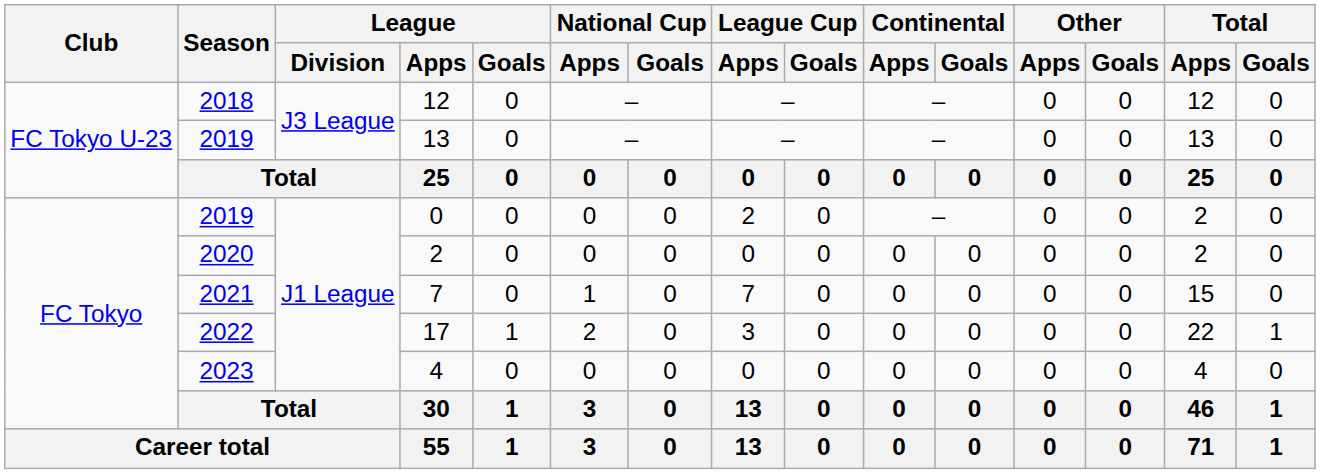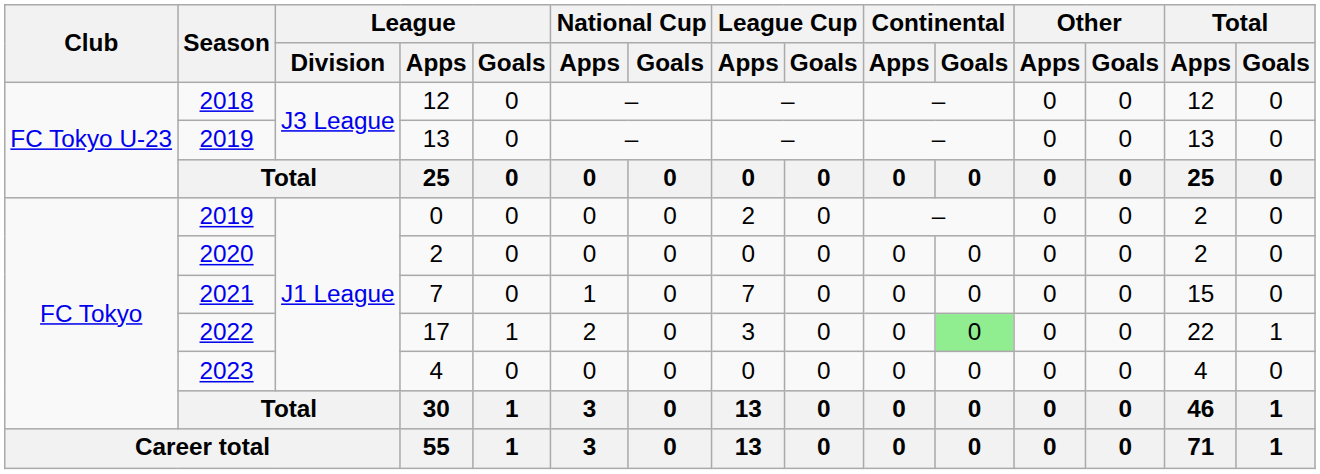 <table class="wikitable" style="text-align: center">
 <tr>
 <th rowspan="2">Club</th>
 <th rowspan="2">Season</th>
 <th colspan="3">League</th>
 <th colspan="2">National Cup</th>
 <th colspan="2">League Cup</th>
 <th colspan="2">Continental</th>
 <th colspan="2">Other</th>
 <th colspan="2">Total</th>
 </tr>
 <tr>
 <th>Division</th>
 <th>Apps</th>
 <th>Goals</th>
 <th>Apps</th>
 <th>Goals</th>
 <th>Apps</th>
 <th>Goals</th>
 <th>Apps</th>
 <th>Goals</th>
 <th>Apps</th>
 <th>Goals</th>
 <th>Apps</th>
 <th>Goals</th>
 </tr>
 <tr>
 <td rowspan="3"><a href='#'>FC Tokyo U-23</a></td>
 <td><a href='#'>2018</a></td>
 <td rowspan="2"><a href='#'>J3 League</a></td>
 <td>12</td>
 <td>0</td>
 <td colspan="2">–</td>
 <td colspan="2">–</td>
 <td colspan="2">–</td>
 <td>0</td>
 <td>0</td>
 <td>12</td>
 <td>0</td>
 </tr>
 <tr>
 <td><a href='#'>2019</a></td>
 <td>13</td>
 <td>0</td>
 <td colspan="2">–</td>
 <td colspan="2">–</td>
 <td colspan="2">–</td>
 <td>0</td>
 <td>0</td>
 <td>13</td>
 <td>0</td>
 </tr>
 <tr>
 <th colspan=2>Total</th>
 <th>25</th>
 <th>0</th>
 <th>0</th>
 <th>0</th>
 <th>0</th>
 <th>0</th>
 <th>0</th>
 <th>0</th>
 <th>0</th>
 <th>0</th>
 <th>25</th>
 <th>0</th>
 </tr>
 <tr>
 <td rowspan="6"><a href='#'>FC Tokyo</a></td>
 <td><a href='#'>2019</a></td>
 <td rowspan="5"><a href='#'>J1 League</a></td>
 <td>0</td>
 <td>0</td>
 <td>0</td>
 <td>0</td>
 <td>2</td>
 <td>0</td>
 <td colspan="2">–</td>
 <td>0</td>
 <td>0</td>
 <td>2</td>
 <td>0</td>
 </tr>
 <tr>
 <td><a href='#'>2020</a></td>
 <td>2</td>
 <td>0</td>
 <td>0</td>
 <td>0</td>
 <td>0</td>
 <td>0</td>
 <td>0</td>
 <td>0</td>
 <td>0</td>
 <td>0</td>
 <td>2</td>
 <td>0</td>
 </tr>
 <tr>
 <td><a href='#'>2021</a></td>
 <td>7</td>
 <td>0</td>
 <td>1</td>
 <td>0</td>
 <td>7</td>
 <td>0</td>
 <td>0</td>
 <td>0</td>
 <td>0</td>
 <td>0</td>
 <td>15</td>
 <td>0</td>
 </tr>
 <tr>
 <td><a href='#'>2022</a></td>
 <td>17</td>
 <td>1</td>
 <td>2</td>
 <td>0</td>
 <td>3</td>
 <td>0</td>
 <td>0</td>
-<td>0</td>
+<td style="background: lightgreen;">0</td>
 <td>0</td>
 <td>0</td>
 <td>22</td>
 <td>1</td>
 </tr>
 <tr>
 <td><a href='#'>2023</a></td>
 <td>4</td>
 <td>0</td>
 <td>0</td>
 <td>0</td>
 <td>0</td>
 <td>0</td>
 <td>0</td>
 <td>0</td>
 <td>0</td>
 <td>0</td>
 <td>4</td>
 <td>0</td>
 </tr>
 <tr>
 <th colspan="2">Total</th>
 <th>30</th>
 <th>1</th>
 <th>3</th>
 <th>0</th>
 <th>13</th>
 <th>0</th>
 <th>0</th>
 <th>0</th>
 <th>0</th>
 <th>0</th>
 <th>46</th>
 <th>1</th>
 </tr>
 <tr>
 <th colspan="3">Career total</th>
 <th>55</th>
 <th>1</th>
 <th>3</th>
 <th>0</th>
 <th>13</th>
 <th>0</th>
 <th>0</th>
 <th>0</th>
 <th>0</th>
 <th>0</th>
 <th>71</th>
 <th>1</th>
 </tr>
 </table>
